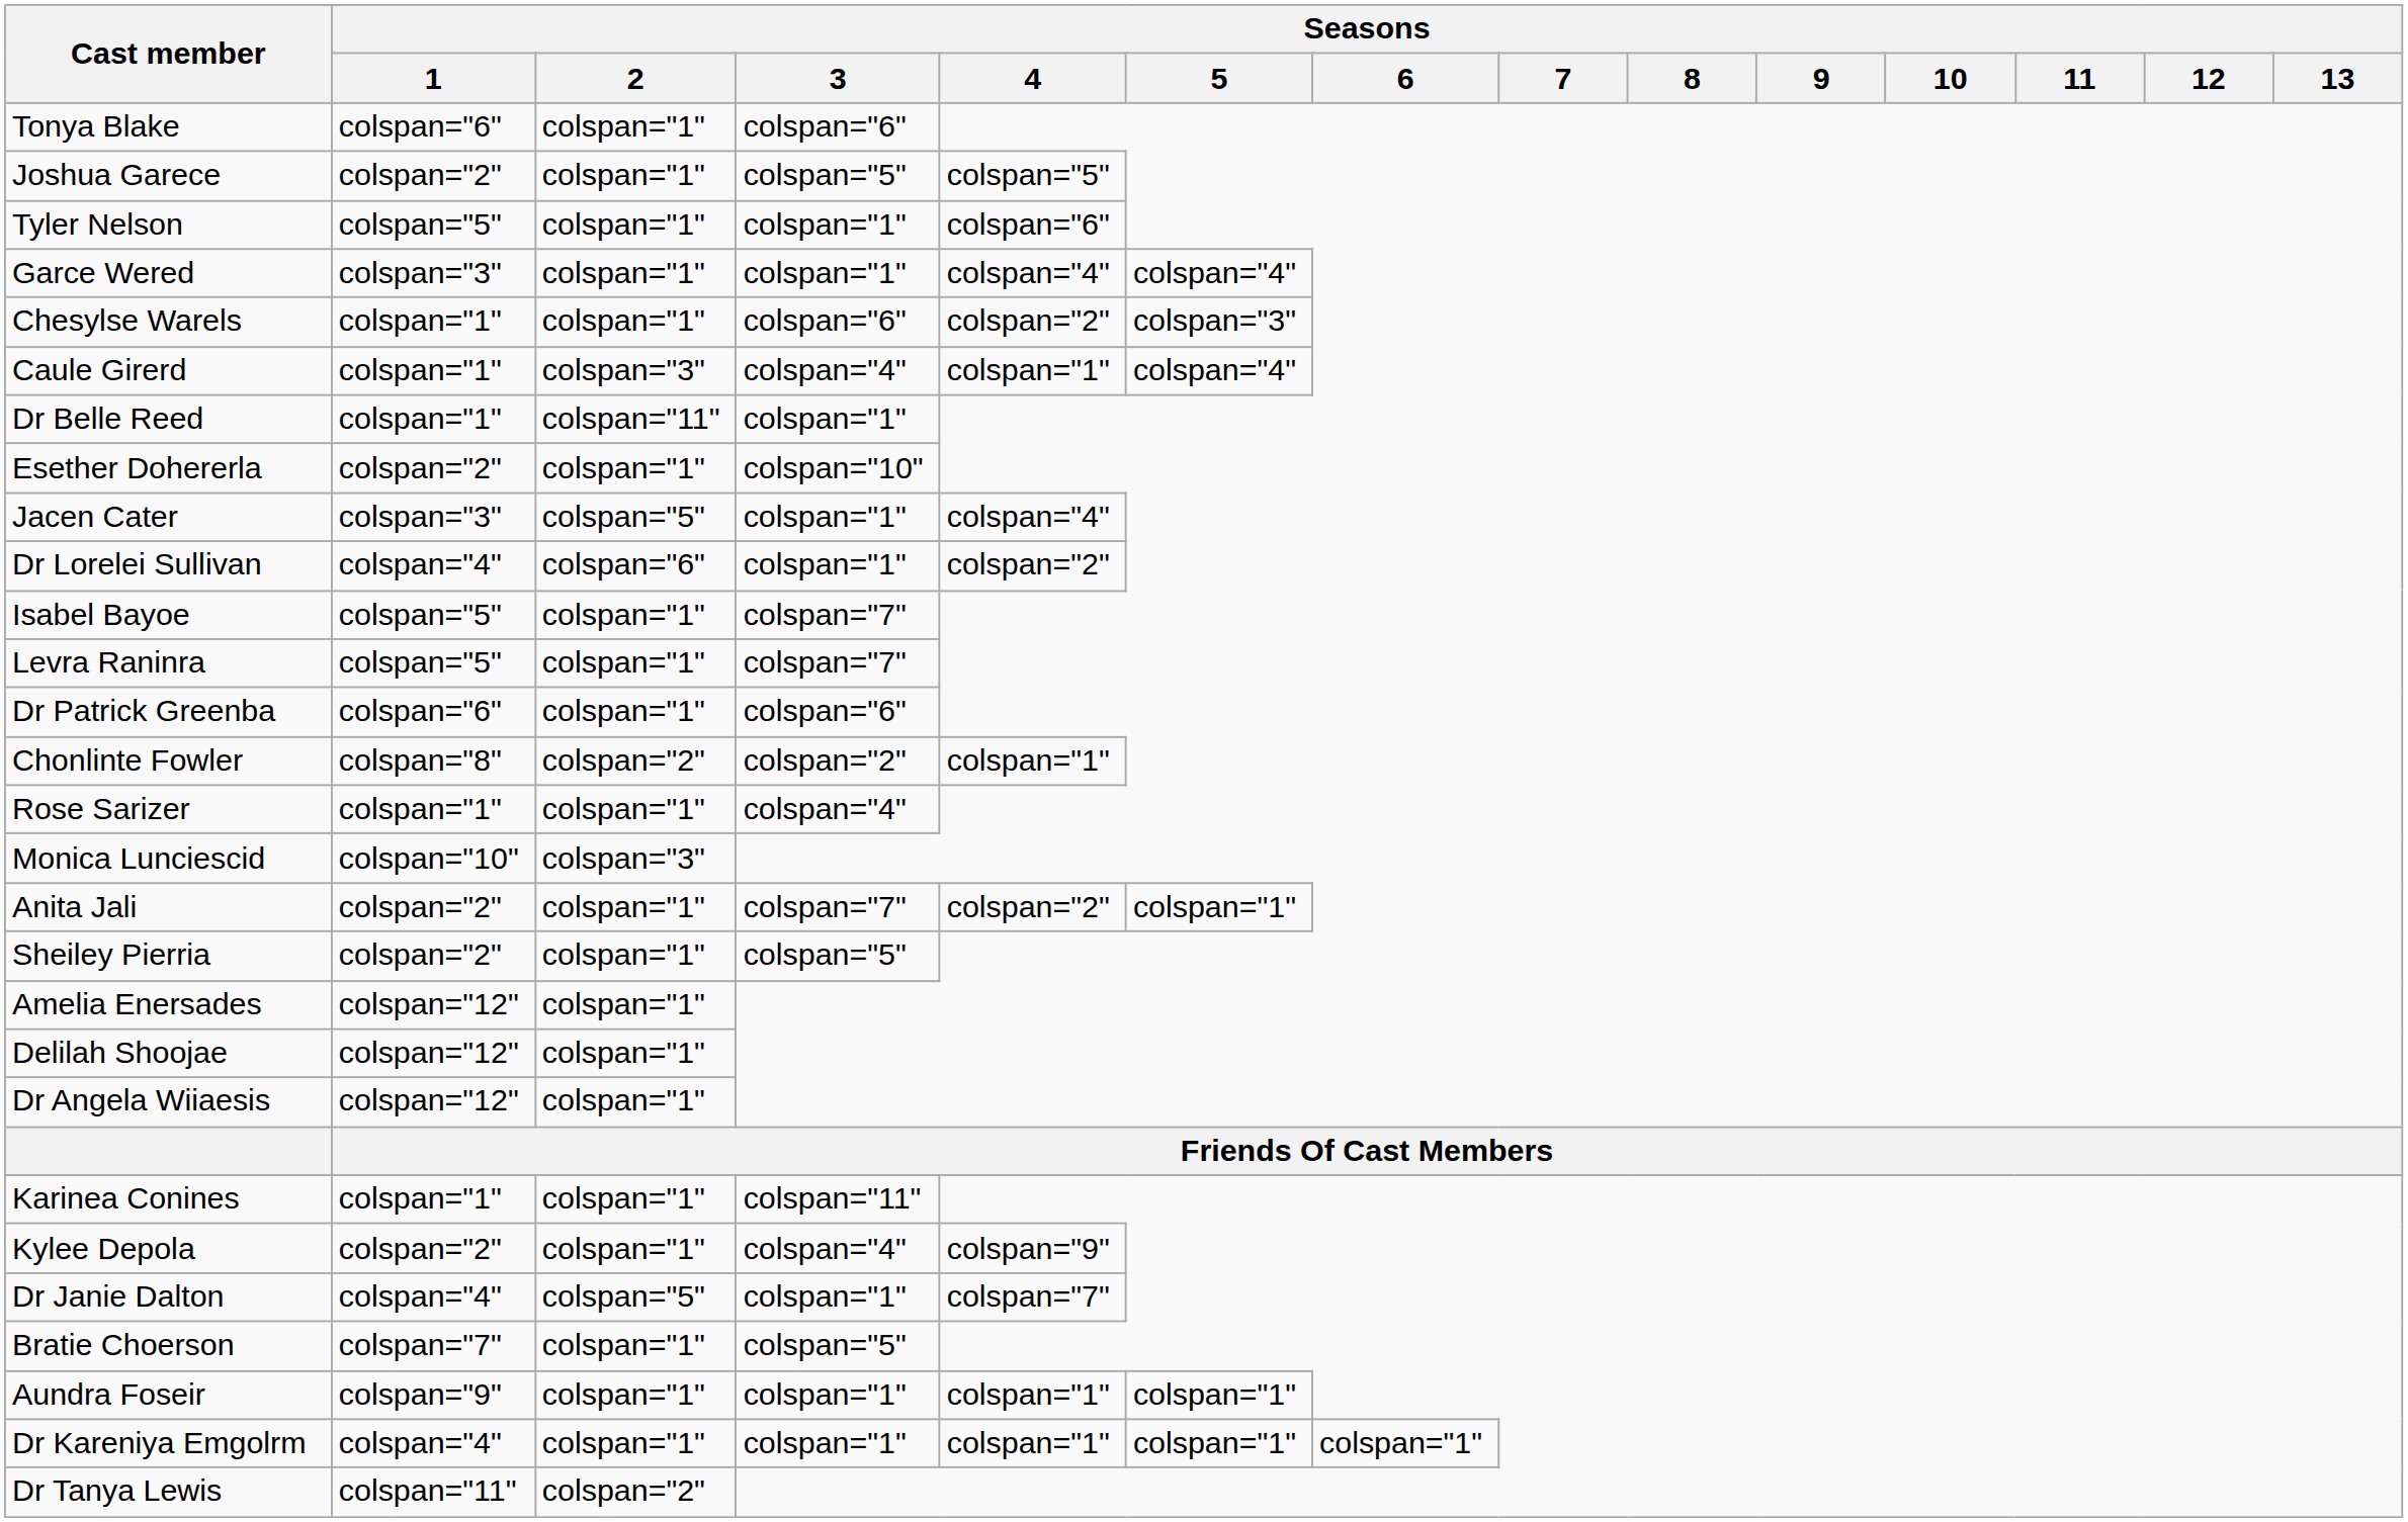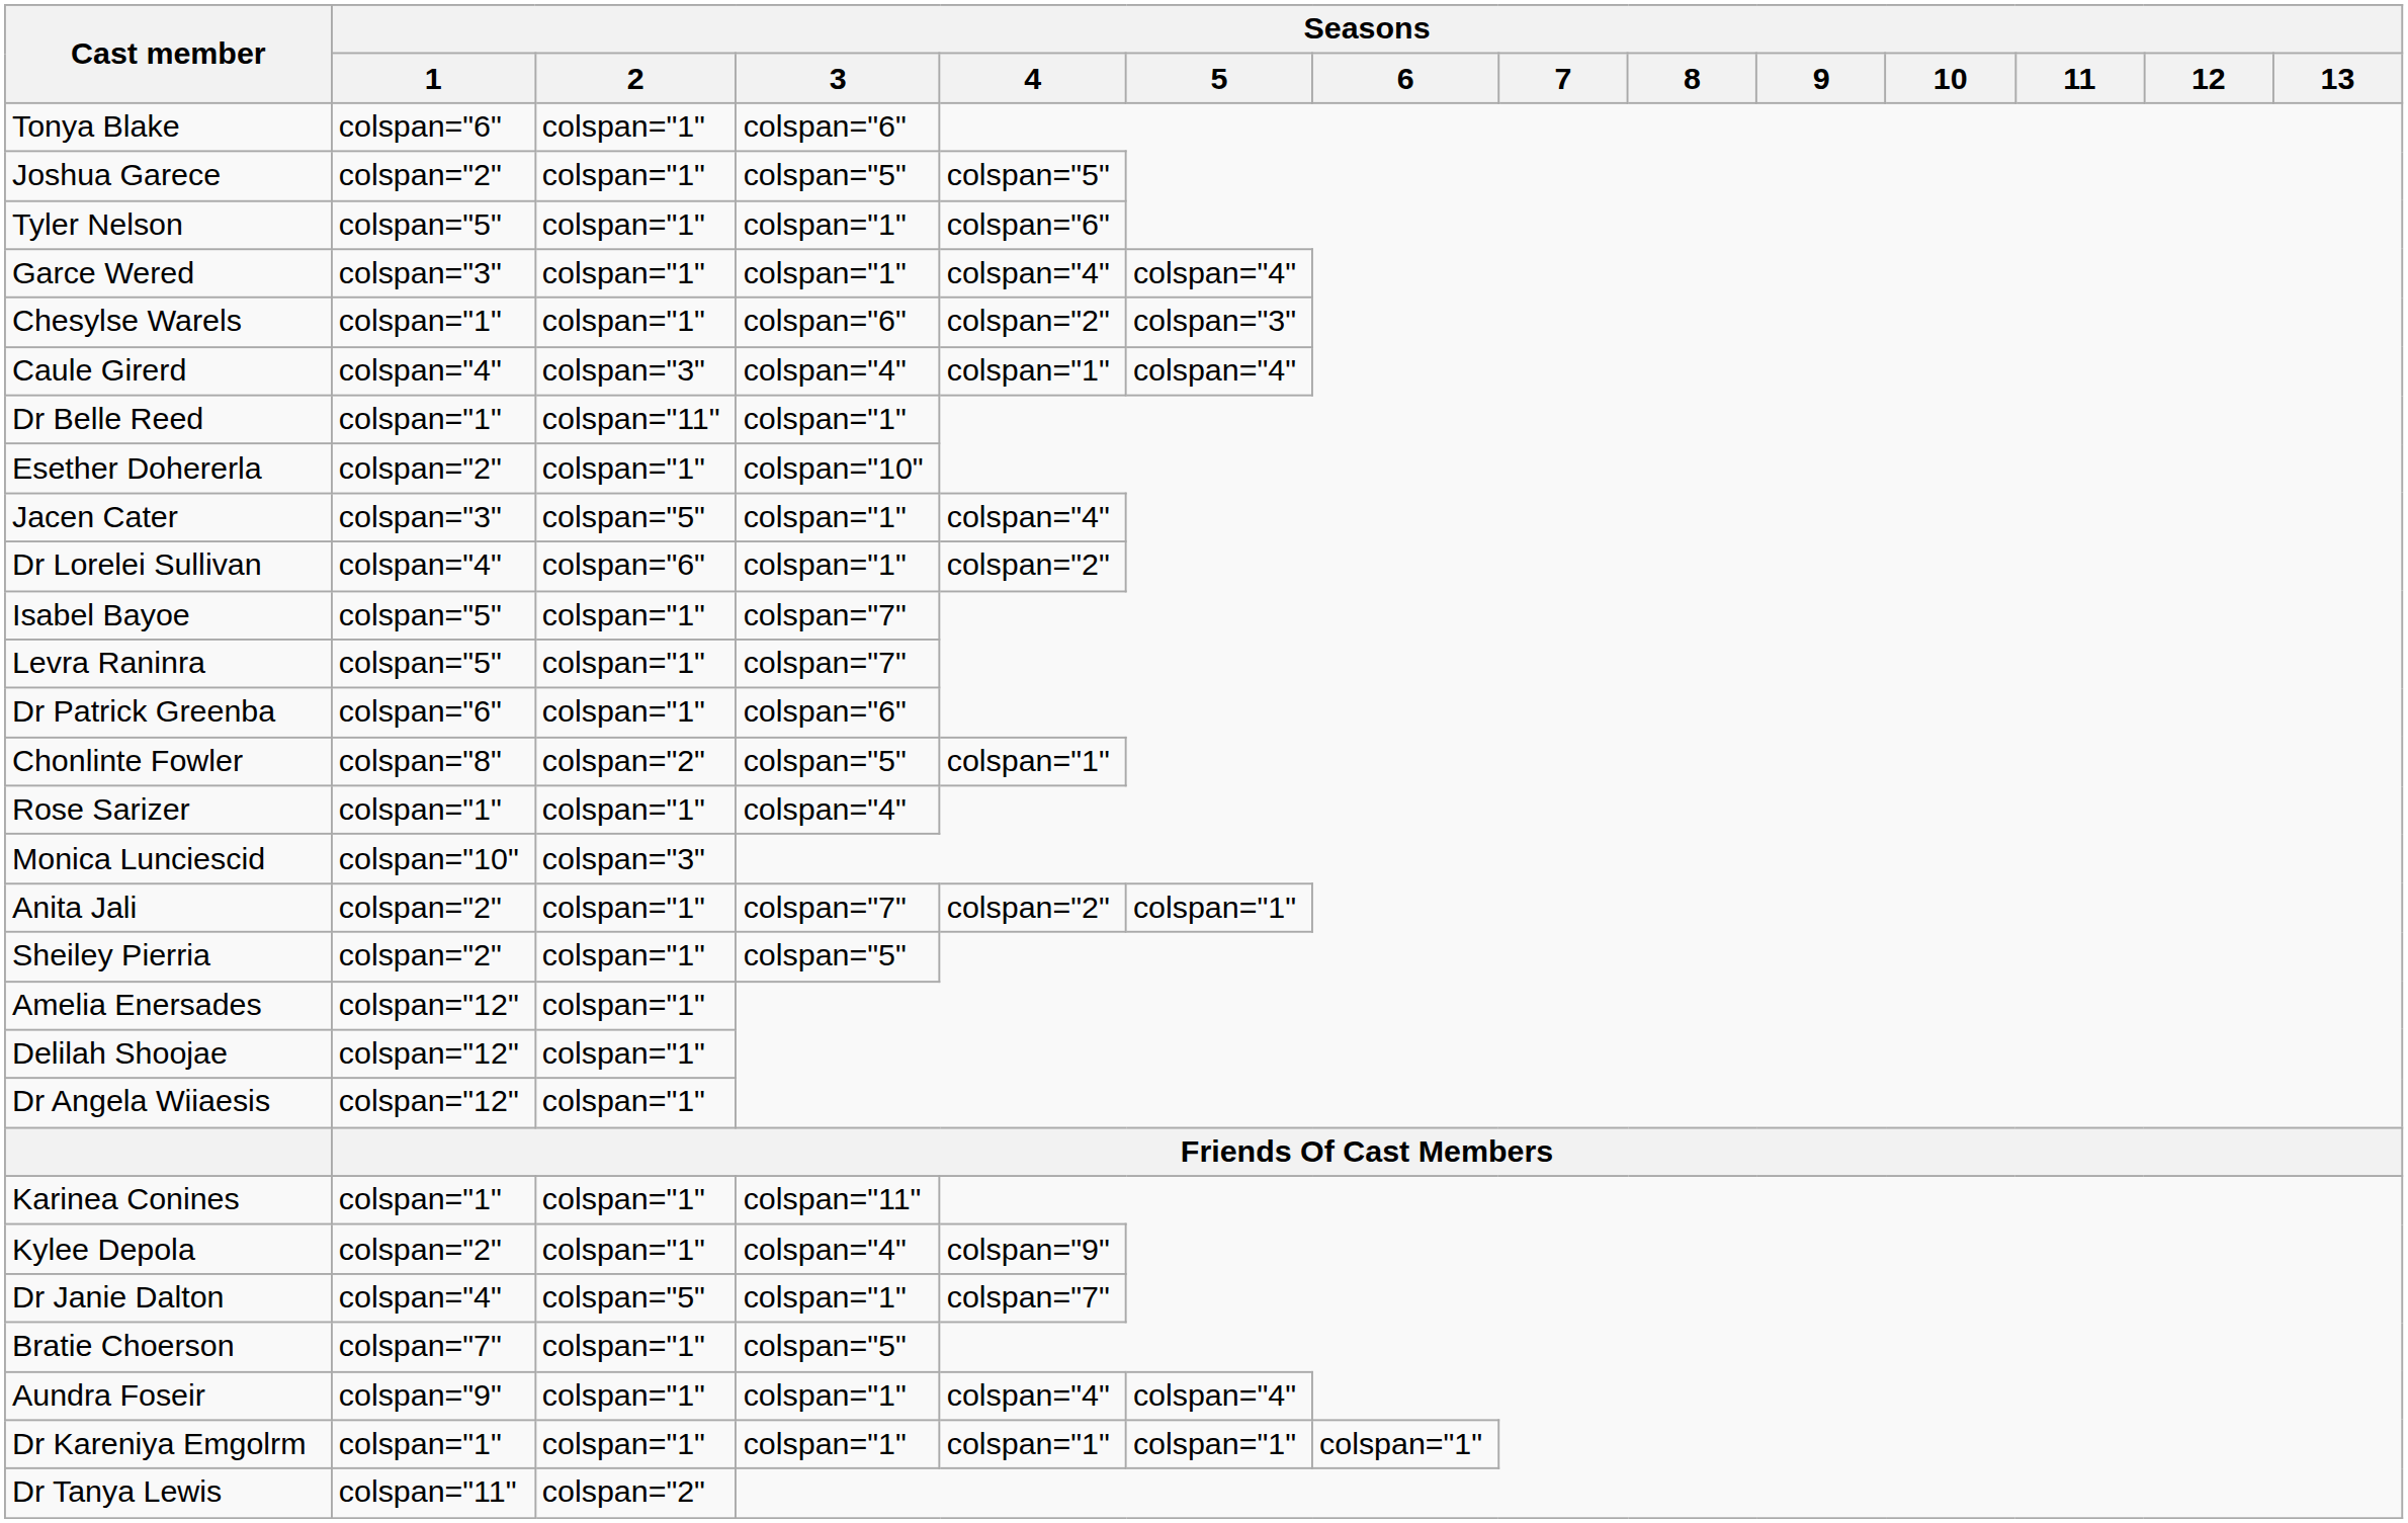 <table class="wikitable plainrowheaders">
 <tr>
 <th rowspan="2" style="width:10%;">Cast member</th>
 <th colspan="13">Seasons</th>
 </tr>
 <tr>
 <th style="width:5%;">1</th>
 <th style="width:5%;">2</th>
 <th Style="width:5%;">3</th>
 <th style="width:5%;">4</th>
 <th Style="width:5%;">5</th>
 <th style="width:5%;">6</th>
 <th style="width:5%;">7</th>
 <th style="width:5%;">8</th>
 <th style="width:5%;">9</th>
 <th style="width:5%;">10</th>
 <th style="width:5%;">11</th>
 <th style="width:5%;">12</th>
 <th style="width:5%;">13</th>
 </tr>
 <tr>
 <td nowrap="">Tonya Blake</td>
 <td>colspan="6" </td>
 <td>colspan="1" </td>
 <td>colspan="6" </td>
 </tr>
 <tr>
 <td nowrap="">Joshua Garece</td>
 <td>colspan="2" </td>
 <td>colspan="1" </td>
 <td>colspan="5" </td>
 <td>colspan="5" </td>
 </tr>
 <tr>
 <td>Tyler Nelson</td>
 <td>colspan="5" </td>
 <td>colspan="1" </td>
 <td>colspan="1" </td>
 <td>colspan="6" </td>
 </tr>
 <tr>
 <td>Garce Wered</td>
 <td>colspan="3" </td>
 <td>colspan="1" </td>
 <td>colspan="1" </td>
 <td>colspan="4" </td>
 <td>colspan="4" </td>
 </tr>
 <tr>
 <td nowrap="">Chesylse Warels</td>
 <td>colspan="1" </td>
 <td>colspan="1" </td>
 <td>colspan="6" </td>
 <td>colspan="2" </td>
 <td>colspan="3" </td>
 </tr>
 <tr>
 <td>Caule Girerd</td>
-<td>colspan="1" </td>
+<td>colspan="4" </td>
 <td>colspan="3" </td>
 <td>colspan="4" </td>
 <td>colspan="1" </td>
 <td>colspan="4" </td>
 </tr>
 <tr>
 <td>Dr Belle Reed</td>
 <td>colspan="1" </td>
 <td>colspan="11" </td>
 <td>colspan="1" </td>
 </tr>
 <tr>
 <td nowrap="">Esether Dohererla</td>
 <td>colspan="2" </td>
 <td>colspan="1" </td>
 <td>colspan="10" </td>
 </tr>
 <tr>
 <td>Jacen Cater</td>
 <td>colspan="3" </td>
 <td>colspan="5" </td>
 <td>colspan="1" </td>
 <td>colspan="4" </td>
 </tr>
 <tr>
 <td>Dr Lorelei Sullivan</td>
 <td>colspan="4" </td>
 <td>colspan="6" </td>
 <td>colspan="1" </td>
 <td>colspan="2" </td>
 </tr>
 <tr>
 <td>Isabel Bayoe</td>
 <td>colspan="5" </td>
 <td>colspan="1" </td>
 <td>colspan="7" </td>
 </tr>
 <tr>
 <td>Levra Raninra</td>
 <td>colspan="5" </td>
 <td>colspan="1" </td>
 <td>colspan="7" </td>
 </tr>
 <tr>
 <td nowrap="">Dr Patrick Greenba</td>
 <td>colspan="6" </td>
 <td>colspan="1" </td>
 <td>colspan="6" </td>
 </tr>
 <tr>
 <td>Chonlinte Fowler</td>
 <td>colspan="8" </td>
 <td>colspan="2" </td>
-<td>colspan="2" </td>
+<td>colspan="5" </td>
 <td>colspan="1" </td>
 </tr>
 <tr>
 <td>Rose Sarizer</td>
 <td>colspan="1" </td>
 <td>colspan="1" </td>
 <td>colspan="4" </td>
 </tr>
 <tr>
 <td nowrap="">Monica Lunciescid</td>
 <td>colspan="10" </td>
 <td>colspan="3" </td>
 </tr>
 <tr>
 <td>Anita Jali</td>
 <td>colspan="2" </td>
 <td>colspan="1" </td>
 <td>colspan="7" </td>
 <td>colspan="2" </td>
 <td>colspan="1" </td>
 </tr>
 <tr>
 <td>Sheiley Pierria</td>
 <td>colspan="2" </td>
 <td>colspan="1" </td>
 <td>colspan="5" </td>
 </tr>
 <tr>
 <td>Amelia Enersades</td>
 <td>colspan="12" </td>
 <td>colspan="1" </td>
 </tr>
 <tr>
 <td>Delilah Shoojae</td>
 <td>colspan="12" </td>
 <td>colspan="1" </td>
 </tr>
 <tr>
 <td>Dr Angela Wiiaesis</td>
 <td>colspan="12" </td>
 <td>colspan="1" </td>
 </tr>
 <tr>
 <th rowspan="1" style="width:10%;"></th>
 <th colspan="13">Friends Of Cast Members</th>
 </tr>
 <tr>
 <td scope="row">Karinea Conines</td>
 <td>colspan="1" </td>
 <td>colspan="1" </td>
 <td>colspan="11" </td>
 </tr>
 <tr>
 <td scope="row">Kylee Depola</td>
 <td>colspan="2" </td>
 <td>colspan="1" </td>
 <td>colspan="4" </td>
 <td>colspan="9" </td>
 </tr>
 <tr>
 <td scope="row">Dr Janie Dalton</td>
 <td>colspan="4" </td>
 <td>colspan="5" </td>
 <td>colspan="1" </td>
 <td>colspan="7" </td>
 </tr>
 <tr>
 <td>Bratie Choerson</td>
 <td>colspan="7" </td>
 <td>colspan="1" </td>
 <td>colspan="5" </td>
 </tr>
 <tr>
 <td>Aundra Foseir</td>
 <td>colspan="9" </td>
 <td>colspan="1" </td>
 <td>colspan="1" </td>
-<td>colspan="1" </td>
-<td>colspan="1" </td>
+<td>colspan="4" </td>
+<td>colspan="4" </td>
 </tr>
 <tr>
 <td nowrap="">Dr Kareniya Emgolrm</td>
-<td>colspan="4" </td>
+<td>colspan="1" </td>
 <td>colspan="1" </td>
 <td>colspan="1" </td>
 <td>colspan="1" </td>
 <td>colspan="1" </td>
 <td>colspan="1" </td>
 </tr>
 <tr>
 <td>Dr Tanya Lewis</td>
 <td>colspan="11" </td>
 <td>colspan="2" </td>
 </tr>
 </table>
